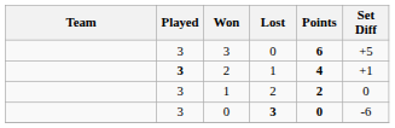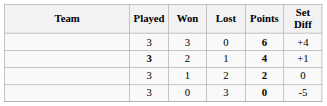 <table class=wikitable style="text-align:center">
 <tr>
 <th width=180>Team</th>
 <th width=50>Played</th>
 <th width=50>Won</th>
 <th width=50>Lost</th>
 <th width=50>Points</th>
 <th width=50>Set Diff</th>
 </tr>
 <tr>
 <td align=left></td>
 <td>3</td>
 <td>3</td>
 <td>0</td>
 <td><strong>6</strong></td>
-<td>+5</td>
+<td>+4</td>
 </tr>
 <tr>
 <td align=left></td>
 <td><strong>3</strong></td>
 <td>2</td>
 <td>1</td>
 <td><strong>4</strong></td>
 <td>+1</td>
 </tr>
 <tr>
 <td align=left></td>
 <td>3</td>
 <td>1</td>
 <td>2</td>
 <td><strong>2</strong></td>
 <td>0</td>
 </tr>
 <tr>
 <td align=left></td>
 <td>3</td>
 <td>0</td>
-<td><strong>3</strong></td>
+<td>3</td>
 <td><strong>0</strong></td>
-<td>-6</td>
+<td>-5</td>
 </tr>
 <tr>
 </tr>
 </table>
